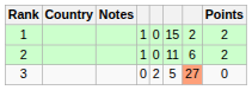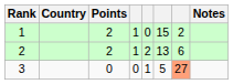 <table class="wikitable sortable" style="text-align: center;">
 <tr>
 <th>Rank</th>
 <th>Country</th>
-<th>Notes</th>
+<th>Points</th>
 <th></th>
 <th></th>
 <th></th>
 <th></th>
-<th>Points</th>
+<th>Notes</th>
 </tr>
 <tr style="background:#cfc;">
 <td>1</td>
 <td align=left></td>
-<td></td>
+<td>2</td>
 <td>1</td>
 <td>0</td>
 <td>15</td>
 <td>2</td>
-<td>2</td>
+<td></td>
 </tr>
 <tr style="background:#cfc;">
 <td>2</td>
 <td align=left></td>
+<td>2</td>
+<td>1</td>
+<td>2</td>
+<td>13</td>
+<td>6</td>
 <td></td>
-<td>1</td>
-<td>0</td>
-<td>11</td>
-<td>6</td>
-<td>2</td>
 </tr>
 <tr>
 <td>3</td>
 <td align=left></td>
-<td></td>
 <td>0</td>
-<td>2</td>
+<td>0</td>
+<td>1</td>
 <td>5</td>
 <td style="background: lightsalmon;">27</td>
-<td>0</td>
+<td></td>
 </tr>
 </table>
